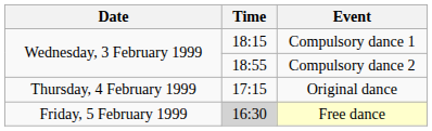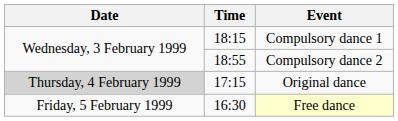 <table class = "wikitable" style="text-align:center;">
 <tr>
 <th width=220>Date</th>
 <th width=50>Time</th>
 <th width=150>Event</th>
 </tr>
 <tr>
 <td rowspan=2>Wednesday, 3 February 1999</td>
 <td>18:15</td>
 <td>Compulsory dance 1</td>
 </tr>
 <tr>
 <td>18:55</td>
 <td>Compulsory dance 2</td>
 </tr>
 <tr>
-<td>Thursday, 4 February 1999</td>
+<td style="background: lightgrey;">Thursday, 4 February 1999</td>
 <td>17:15</td>
 <td>Original dance</td>
 </tr>
 <tr>
 <td>Friday, 5 February 1999</td>
-<td style="background: lightgrey;">16:30</td>
+<td>16:30</td>
 <td bgcolor=ffffcc>Free dance</td>
 </tr>
 </table>
